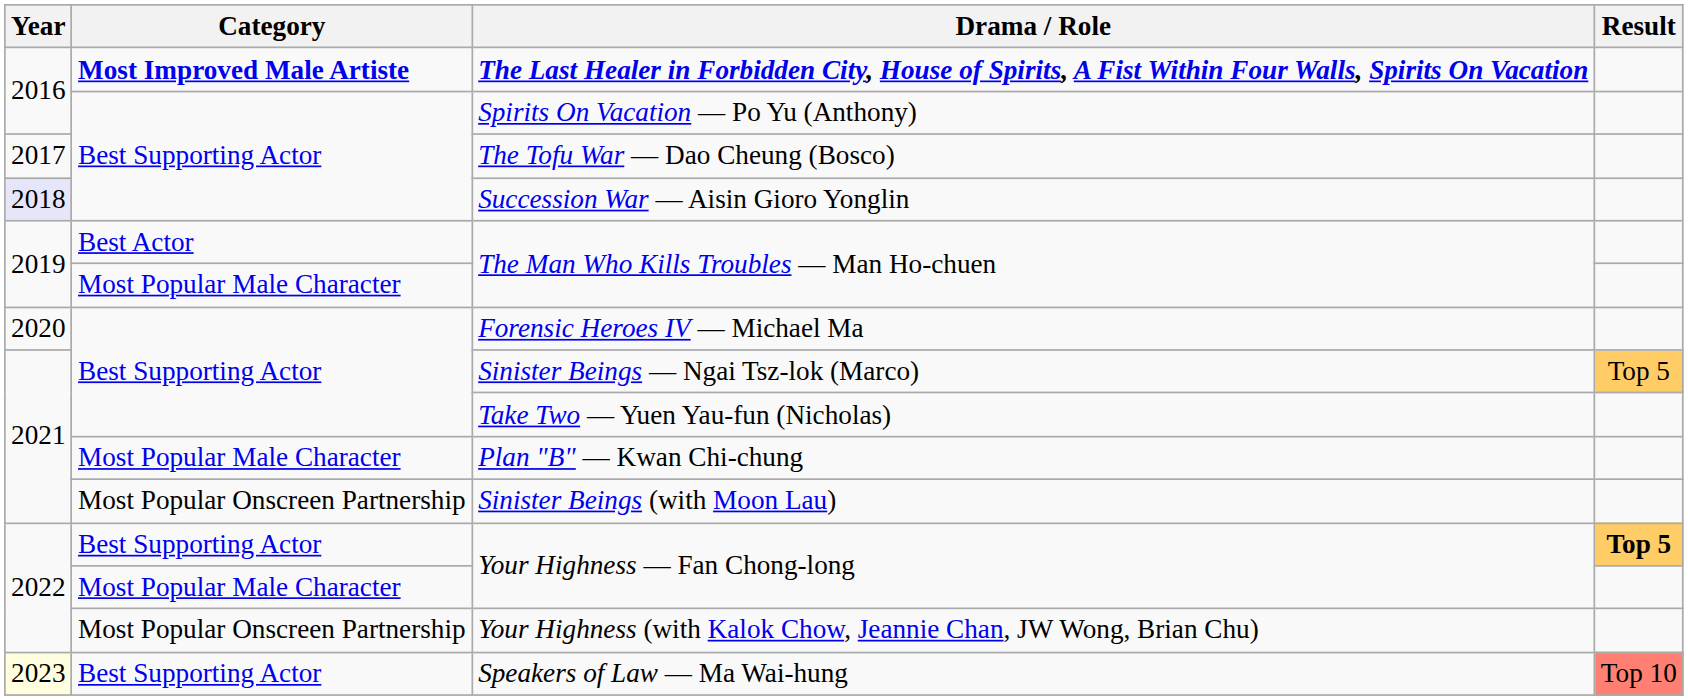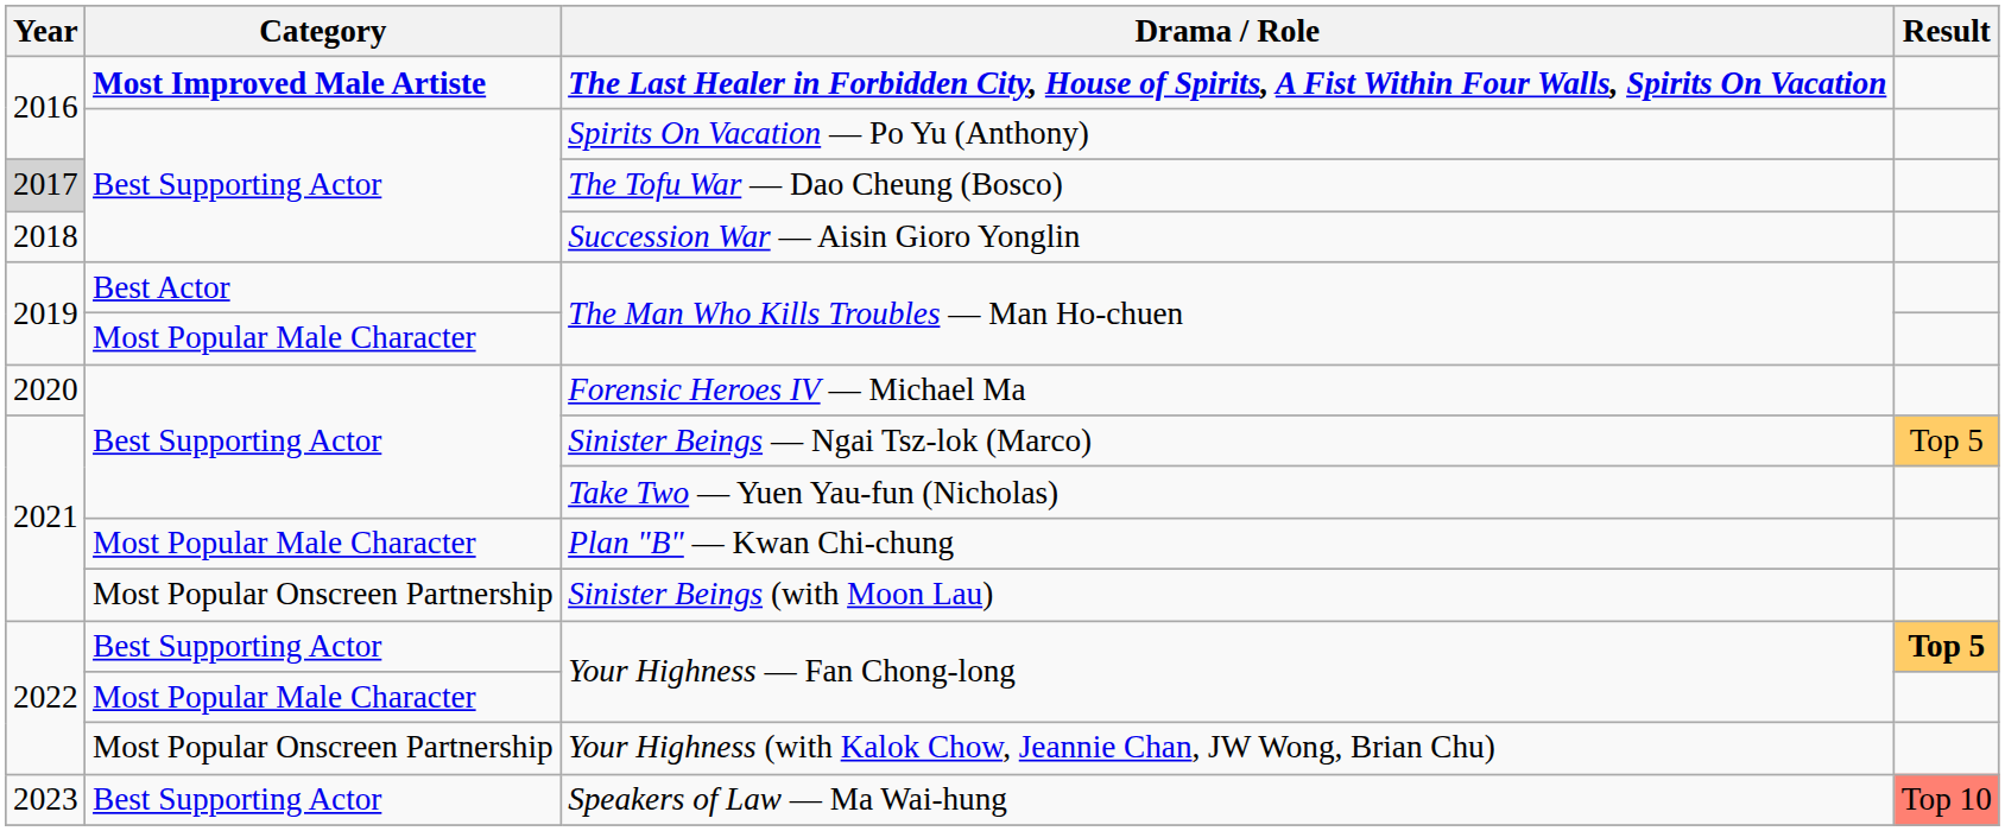 <table class="wikitable sortable">
 <tr>
 <th>Year</th>
 <th>Category</th>
 <th>Drama / Role</th>
 <th>Result</th>
 </tr>
 <tr>
 <td rowspan=2>2016</td>
 <td><strong> <a href='#'>Most Improved Male Artiste</a> </strong></td>
 <td><strong><em><a href='#'>The Last Healer in Forbidden City</a><em>, </em><a href='#'>House of Spirits</a><em>, </em><a href='#'>A Fist Within Four Walls</a><em>,  </em><a href='#'>Spirits On Vacation</a></em></strong></td>
 <td></td>
 </tr>
 <tr>
 <td rowspan=3><a href='#'>Best Supporting Actor</a></td>
 <td><em><a href='#'>Spirits On Vacation</a></em> — Po Yu (Anthony)</td>
 <td></td>
 </tr>
 <tr>
-<td>2017</td>
+<td style="background: lightgrey;">2017</td>
 <td><em><a href='#'>The Tofu War</a></em> — Dao Cheung (Bosco)</td>
 <td></td>
 </tr>
 <tr>
-<td style="background: lavender;">2018</td>
+<td>2018</td>
 <td><em><a href='#'>Succession War</a></em> — Aisin Gioro Yonglin</td>
 <td></td>
 </tr>
 <tr>
 <td rowspan=2>2019</td>
 <td><a href='#'>Best Actor</a></td>
 <td rowspan=2><em><a href='#'>The Man Who Kills Troubles</a></em> — Man Ho-chuen</td>
 <td></td>
 </tr>
 <tr>
 <td><a href='#'>Most Popular Male Character</a></td>
 <td></td>
 </tr>
 <tr>
 <td>2020</td>
 <td rowspan=3><a href='#'>Best Supporting Actor</a></td>
 <td><em><a href='#'>Forensic Heroes IV</a></em> — Michael Ma</td>
 <td></td>
 </tr>
 <tr>
 <td rowspan=4>2021</td>
 <td><em><a href='#'>Sinister Beings</a></em> — Ngai Tsz-lok (Marco)</td>
 <td style="background-color:#ffcc66; text-align:center;">Top 5</td>
 </tr>
 <tr>
 <td><em><a href='#'>Take Two</a></em> — Yuen Yau-fun (Nicholas)</td>
 <td></td>
 </tr>
 <tr>
 <td><a href='#'>Most Popular Male Character</a></td>
 <td><em><a href='#'>Plan "B"</a></em> — Kwan Chi-chung</td>
 <td></td>
 </tr>
 <tr>
 <td>Most Popular Onscreen Partnership</td>
 <td><em><a href='#'>Sinister Beings</a></em> (with <a href='#'>Moon Lau</a>)</td>
 <td></td>
 </tr>
 <tr>
 <td rowspan=3>2022</td>
 <td><a href='#'>Best Supporting Actor</a></td>
 <td rowspan=2><em>Your Highness</em> — Fan Chong-long</td>
 <td style="background-color:#ffcc66; text-align:center;"><strong>Top 5</strong></td>
 </tr>
 <tr>
 <td><a href='#'>Most Popular Male Character</a></td>
 <td></td>
 </tr>
 <tr>
 <td>Most Popular Onscreen Partnership</td>
 <td><em>Your Highness</em> (with <a href='#'>Kalok Chow</a>, <a href='#'>Jeannie Chan</a>, JW Wong, Brian Chu)</td>
 <td></td>
 </tr>
 <tr>
-<td style="background: lightyellow;">2023</td>
+<td>2023</td>
 <td><a href='#'>Best Supporting Actor</a></td>
 <td><em>Speakers of Law</em> — Ma Wai-hung</td>
 <td style="background-color:#ff8072; text-align:center;">Top 10</td>
 </tr>
 </table>
